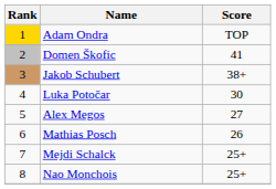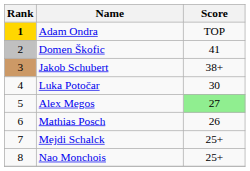 <table class="wikitable">
 <tr>
 <th>Rank</th>
 <th width = "200">Name</th>
 <th width = "80">Score</th>
 </tr>
 <tr>
-<td align="center" style="background: gold">1</td>
+<td align="center" style="background: gold"><strong>1</strong></td>
 <td> <a href='#'>Adam Ondra</a></td>
 <td align="center">TOP</td>
 </tr>
 <tr>
 <td align="center" style="background: silver">2</td>
 <td> <a href='#'>Domen Škofic</a></td>
 <td align="center">41</td>
 </tr>
 <tr>
 <td align="center" style="background: #cc9966">3</td>
 <td> <a href='#'>Jakob Schubert</a></td>
 <td align="center">38+</td>
 </tr>
 <tr>
 <td align="center">4</td>
 <td> <a href='#'>Luka Potočar</a></td>
 <td align="center">30</td>
 </tr>
 <tr>
 <td align="center">5</td>
 <td> <a href='#'>Alex Megos</a></td>
-<td align="center">27</td>
+<td align="center" style="background: lightgreen;">27</td>
 </tr>
 <tr>
 <td align="center">6</td>
 <td> <a href='#'>Mathias Posch</a></td>
 <td align="center">26</td>
 </tr>
 <tr>
 <td align="center">7</td>
 <td> <a href='#'>Mejdi Schalck</a></td>
 <td align="center">25+</td>
 </tr>
 <tr>
 <td align="center">8</td>
 <td> <a href='#'>Nao Monchois</a></td>
 <td align="center">25+</td>
 </tr>
 <tr>
 </tr>
 </table>
